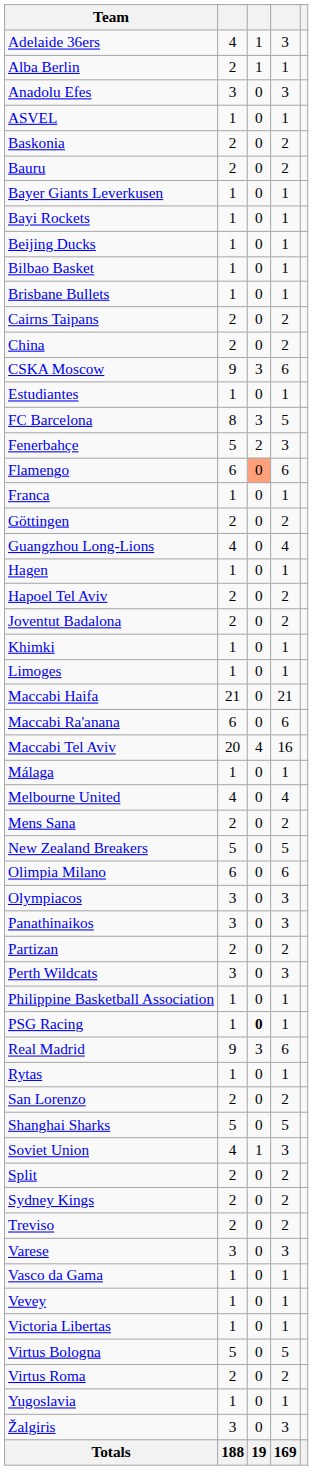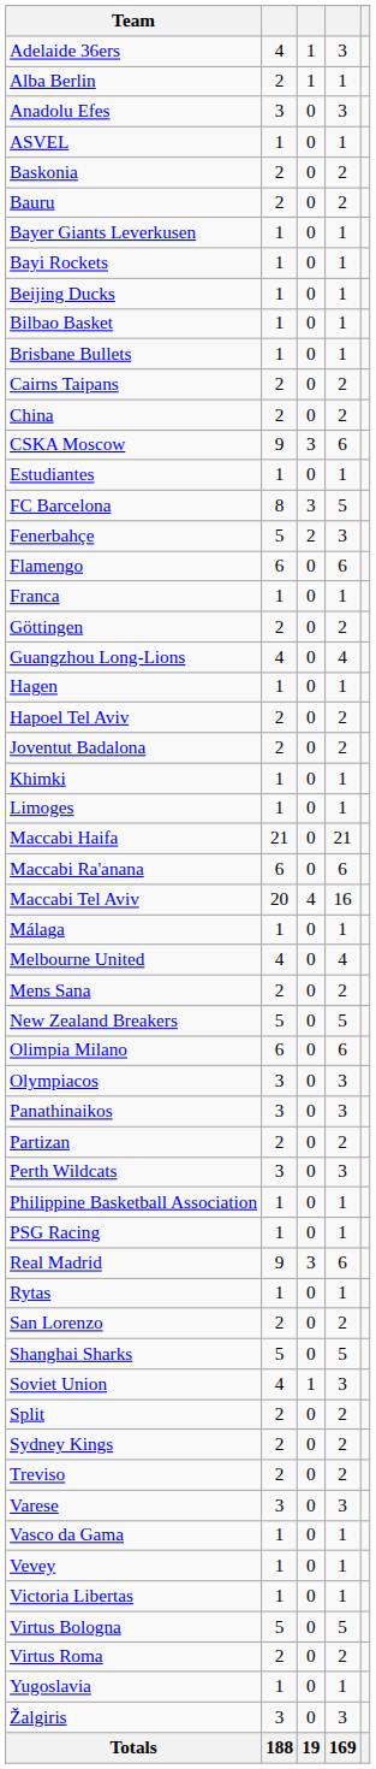 <table class="wikitable sortable" style="text-align:center; font-size:90%">
 <tr>
 <th>Team</th>
 <th></th>
 <th></th>
 <th></th>
 <th></th>
 </tr>
 <tr>
 <td align="left"> <a href='#'>Adelaide 36ers</a></td>
 <td>4</td>
 <td>1</td>
 <td>3</td>
 <td></td>
 </tr>
 <tr>
 <td align="left"> <a href='#'>Alba Berlin</a></td>
 <td>2</td>
 <td>1</td>
 <td>1</td>
 <td></td>
 </tr>
 <tr>
 <td align="left"> <a href='#'>Anadolu Efes</a></td>
 <td>3</td>
 <td>0</td>
 <td>3</td>
 <td></td>
 </tr>
 <tr>
 <td align="left"> <a href='#'>ASVEL</a></td>
 <td>1</td>
 <td>0</td>
 <td>1</td>
 <td></td>
 </tr>
 <tr>
 <td align="left"> <a href='#'>Baskonia</a></td>
 <td>2</td>
 <td>0</td>
 <td>2</td>
 <td></td>
 </tr>
 <tr>
 <td align="left"> <a href='#'>Bauru</a></td>
 <td>2</td>
 <td>0</td>
 <td>2</td>
 <td></td>
 </tr>
 <tr>
 <td align="left"> <a href='#'>Bayer Giants Leverkusen</a></td>
 <td>1</td>
 <td>0</td>
 <td>1</td>
 <td></td>
 </tr>
 <tr>
 <td align="left"> <a href='#'>Bayi Rockets</a></td>
 <td>1</td>
 <td>0</td>
 <td>1</td>
 <td></td>
 </tr>
 <tr>
 <td align="left"> <a href='#'>Beijing Ducks</a></td>
 <td>1</td>
 <td>0</td>
 <td>1</td>
 <td></td>
 </tr>
 <tr>
 <td align="left"> <a href='#'>Bilbao Basket</a></td>
 <td>1</td>
 <td>0</td>
 <td>1</td>
 <td></td>
 </tr>
 <tr>
 <td align="left"> <a href='#'>Brisbane Bullets</a></td>
 <td>1</td>
 <td>0</td>
 <td>1</td>
 <td></td>
 </tr>
 <tr>
 <td align="left"> <a href='#'>Cairns Taipans</a></td>
 <td>2</td>
 <td>0</td>
 <td>2</td>
 <td></td>
 </tr>
 <tr>
 <td align="left"> <a href='#'>China</a></td>
 <td>2</td>
 <td>0</td>
 <td>2</td>
 <td></td>
 </tr>
 <tr>
 <td align="left"> <a href='#'>CSKA Moscow</a></td>
 <td>9</td>
 <td>3</td>
 <td>6</td>
 <td></td>
 </tr>
 <tr>
 <td align="left"> <a href='#'>Estudiantes</a></td>
 <td>1</td>
 <td>0</td>
 <td>1</td>
 <td></td>
 </tr>
 <tr>
 <td align="left"> <a href='#'>FC Barcelona</a></td>
 <td>8</td>
 <td>3</td>
 <td>5</td>
 <td></td>
 </tr>
 <tr>
 <td align="left"> <a href='#'>Fenerbahçe</a></td>
 <td>5</td>
 <td>2</td>
 <td>3</td>
 <td></td>
 </tr>
 <tr>
 <td align="left"> <a href='#'>Flamengo</a></td>
 <td>6</td>
-<td style="background: lightsalmon;">0</td>
+<td>0</td>
 <td>6</td>
 <td></td>
 </tr>
 <tr>
 <td align="left"> <a href='#'>Franca</a></td>
 <td>1</td>
 <td>0</td>
 <td>1</td>
 <td></td>
 </tr>
 <tr>
 <td align="left"> <a href='#'>Göttingen</a></td>
 <td>2</td>
 <td>0</td>
 <td>2</td>
 <td></td>
 </tr>
 <tr>
 <td align="left"> <a href='#'>Guangzhou Long-Lions</a></td>
 <td>4</td>
 <td>0</td>
 <td>4</td>
 <td></td>
 </tr>
 <tr>
 <td align="left"> <a href='#'>Hagen</a></td>
 <td>1</td>
 <td>0</td>
 <td>1</td>
 <td></td>
 </tr>
 <tr>
 <td align="left"> <a href='#'>Hapoel Tel Aviv</a></td>
 <td>2</td>
 <td>0</td>
 <td>2</td>
 <td></td>
 </tr>
 <tr>
 <td align="left"> <a href='#'>Joventut Badalona</a></td>
 <td>2</td>
 <td>0</td>
 <td>2</td>
 <td></td>
 </tr>
 <tr>
 <td align="left"> <a href='#'>Khimki</a></td>
 <td>1</td>
 <td>0</td>
 <td>1</td>
 <td></td>
 </tr>
 <tr>
 <td align="left"> <a href='#'>Limoges</a></td>
 <td>1</td>
 <td>0</td>
 <td>1</td>
 <td></td>
 </tr>
 <tr>
 <td align="left"> <a href='#'>Maccabi Haifa</a></td>
 <td>21</td>
 <td>0</td>
 <td>21</td>
 <td></td>
 </tr>
 <tr>
 <td align="left"> <a href='#'>Maccabi Ra'anana</a></td>
 <td>6</td>
 <td>0</td>
 <td>6</td>
 <td></td>
 </tr>
 <tr>
 <td align="left"> <a href='#'>Maccabi Tel Aviv</a></td>
 <td>20</td>
 <td>4</td>
 <td>16</td>
 <td></td>
 </tr>
 <tr>
 <td align="left"> <a href='#'>Málaga</a></td>
 <td>1</td>
 <td>0</td>
 <td>1</td>
 <td></td>
 </tr>
 <tr>
 <td align="left"> <a href='#'>Melbourne United</a></td>
 <td>4</td>
 <td>0</td>
 <td>4</td>
 <td></td>
 </tr>
 <tr>
 <td align="left"> <a href='#'>Mens Sana</a></td>
 <td>2</td>
 <td>0</td>
 <td>2</td>
 <td></td>
 </tr>
 <tr>
 <td align="left"> <a href='#'>New Zealand Breakers</a></td>
 <td>5</td>
 <td>0</td>
 <td>5</td>
 <td></td>
 </tr>
 <tr>
 <td align="left"> <a href='#'>Olimpia Milano</a></td>
 <td>6</td>
 <td>0</td>
 <td>6</td>
 <td></td>
 </tr>
 <tr>
 <td align="left"> <a href='#'>Olympiacos</a></td>
 <td>3</td>
 <td>0</td>
 <td>3</td>
 <td></td>
 </tr>
 <tr>
 <td align="left"> <a href='#'>Panathinaikos</a></td>
 <td>3</td>
 <td>0</td>
 <td>3</td>
 <td></td>
 </tr>
 <tr>
 <td align="left"> <a href='#'>Partizan</a></td>
 <td>2</td>
 <td>0</td>
 <td>2</td>
 <td></td>
 </tr>
 <tr>
 <td align="left"> <a href='#'>Perth Wildcats</a></td>
 <td>3</td>
 <td>0</td>
 <td>3</td>
 <td></td>
 </tr>
 <tr>
 <td align="left"> <a href='#'>Philippine Basketball Association</a></td>
 <td>1</td>
 <td>0</td>
 <td>1</td>
 <td></td>
 </tr>
 <tr>
 <td align="left"> <a href='#'>PSG Racing</a></td>
 <td>1</td>
-<td><strong>0</strong></td>
+<td>0</td>
 <td>1</td>
 <td></td>
 </tr>
 <tr>
 <td align="left"> <a href='#'>Real Madrid</a></td>
 <td>9</td>
 <td>3</td>
 <td>6</td>
 <td></td>
 </tr>
 <tr>
 <td align="left"> <a href='#'>Rytas</a></td>
 <td>1</td>
 <td>0</td>
 <td>1</td>
 <td></td>
 </tr>
 <tr>
 <td align="left"> <a href='#'>San Lorenzo</a></td>
 <td>2</td>
 <td>0</td>
 <td>2</td>
 <td></td>
 </tr>
 <tr>
 <td align="left"> <a href='#'>Shanghai Sharks</a></td>
 <td>5</td>
 <td>0</td>
 <td>5</td>
 <td></td>
 </tr>
 <tr>
 <td align="left"> <a href='#'>Soviet Union</a></td>
 <td>4</td>
 <td>1</td>
 <td>3</td>
 <td></td>
 </tr>
 <tr>
 <td align="left"> <a href='#'>Split</a></td>
 <td>2</td>
 <td>0</td>
 <td>2</td>
 <td></td>
 </tr>
 <tr>
 <td align="left"> <a href='#'>Sydney Kings</a></td>
 <td>2</td>
 <td>0</td>
 <td>2</td>
 <td></td>
 </tr>
 <tr>
 <td align="left"> <a href='#'>Treviso</a></td>
 <td>2</td>
 <td>0</td>
 <td>2</td>
 <td></td>
 </tr>
 <tr>
 <td align="left"> <a href='#'>Varese</a></td>
 <td>3</td>
 <td>0</td>
 <td>3</td>
 <td></td>
 </tr>
 <tr>
 <td align="left"> <a href='#'>Vasco da Gama</a></td>
 <td>1</td>
 <td>0</td>
 <td>1</td>
 <td></td>
 </tr>
 <tr>
 <td align="left"> <a href='#'>Vevey</a></td>
 <td>1</td>
 <td>0</td>
 <td>1</td>
 <td></td>
 </tr>
 <tr>
 <td align="left"> <a href='#'>Victoria Libertas</a></td>
 <td>1</td>
 <td>0</td>
 <td>1</td>
 <td></td>
 </tr>
 <tr>
 <td align="left"> <a href='#'>Virtus Bologna</a></td>
 <td>5</td>
 <td>0</td>
 <td>5</td>
 <td></td>
 </tr>
 <tr>
 <td align="left"> <a href='#'>Virtus Roma</a></td>
 <td>2</td>
 <td>0</td>
 <td>2</td>
 <td></td>
 </tr>
 <tr>
 <td align="left"> <a href='#'>Yugoslavia</a></td>
 <td>1</td>
 <td>0</td>
 <td>1</td>
 <td></td>
 </tr>
 <tr>
 <td align="left"> <a href='#'>Žalgiris</a></td>
 <td>3</td>
 <td>0</td>
 <td>3</td>
 <td></td>
 </tr>
 <tr>
 <th>Totals</th>
 <th>188</th>
 <th>19</th>
 <th>169</th>
 <th></th>
 </tr>
 </table>
